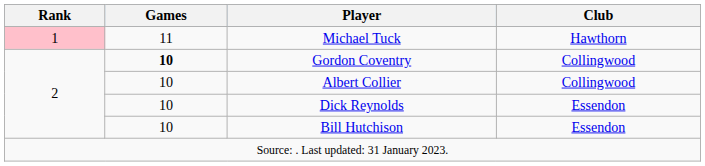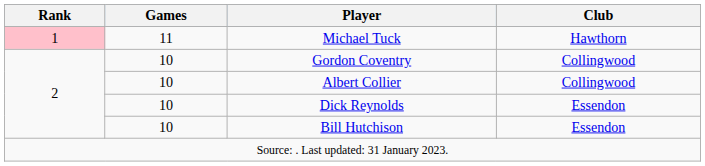 <table class="wikitable" style="text-align:center; width:50%;">
 <tr style="background:#87cefa;">
 <th>Rank</th>
 <th>Games</th>
 <th>Player</th>
 <th>Club</th>
 </tr>
 <tr>
 <td style="background: pink;">1</td>
 <td>11</td>
 <td><a href='#'>Michael Tuck</a></td>
 <td><a href='#'>Hawthorn</a></td>
 </tr>
 <tr>
 <td rowspan=4>2</td>
-<td><strong>10</strong></td>
+<td>10</td>
 <td><a href='#'>Gordon Coventry</a></td>
 <td><a href='#'>Collingwood</a></td>
 </tr>
 <tr>
 <td>10</td>
 <td><a href='#'>Albert Collier</a></td>
 <td><a href='#'>Collingwood</a></td>
 </tr>
 <tr>
 <td>10</td>
 <td><a href='#'>Dick Reynolds</a></td>
 <td><a href='#'>Essendon</a></td>
 </tr>
 <tr>
 <td>10</td>
 <td><a href='#'>Bill Hutchison</a></td>
 <td><a href='#'>Essendon</a></td>
 </tr>
 <tr>
 <td colspan=7><small>Source: . Last updated: 31 January 2023.</small></td>
 </tr>
 </table>
